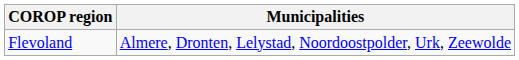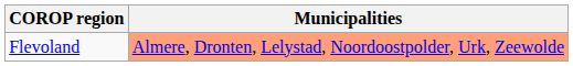 <table class="wikitable sortable">
 <tr>
 <th>COROP region</th>
 <th>Municipalities</th>
 </tr>
 <tr>
 <td><a href='#'>Flevoland</a></td>
-<td><a href='#'>Almere</a>, <a href='#'>Dronten</a>, <a href='#'>Lelystad</a>, <a href='#'>Noordoostpolder</a>, <a href='#'>Urk</a>, <a href='#'>Zeewolde</a></td>
+<td style="background: lightsalmon;"><a href='#'>Almere</a>, <a href='#'>Dronten</a>, <a href='#'>Lelystad</a>, <a href='#'>Noordoostpolder</a>, <a href='#'>Urk</a>, <a href='#'>Zeewolde</a></td>
 </tr>
 </table>
